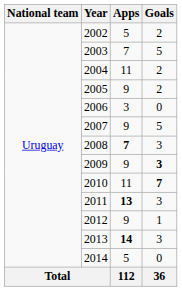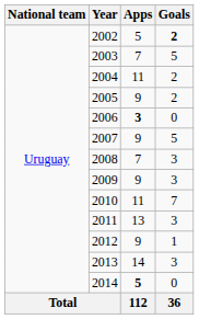 <table class=wikitable style=text-align:center>
 <tr>
 <th>National team</th>
 <th>Year</th>
 <th>Apps</th>
 <th>Goals</th>
 </tr>
 <tr>
 <td rowspan=13><a href='#'>Uruguay</a></td>
 <td>2002</td>
 <td>5</td>
-<td>2</td>
+<td><strong>2</strong></td>
 </tr>
 <tr>
 <td>2003</td>
 <td>7</td>
 <td>5</td>
 </tr>
 <tr>
 <td>2004</td>
 <td>11</td>
 <td>2</td>
 </tr>
 <tr>
 <td>2005</td>
 <td>9</td>
 <td>2</td>
 </tr>
 <tr>
 <td>2006</td>
-<td>3</td>
+<td><strong>3</strong></td>
 <td>0</td>
 </tr>
 <tr>
 <td>2007</td>
 <td>9</td>
 <td>5</td>
 </tr>
 <tr>
 <td>2008</td>
-<td><strong>7</strong></td>
+<td>7</td>
 <td>3</td>
 </tr>
 <tr>
 <td>2009</td>
 <td>9</td>
-<td><strong>3</strong></td>
+<td>3</td>
 </tr>
 <tr>
 <td>2010</td>
 <td>11</td>
-<td><strong>7</strong></td>
+<td>7</td>
 </tr>
 <tr>
 <td>2011</td>
-<td><strong>13</strong></td>
+<td>13</td>
 <td>3</td>
 </tr>
 <tr>
 <td>2012</td>
 <td>9</td>
 <td>1</td>
 </tr>
 <tr>
 <td>2013</td>
-<td><strong>14</strong></td>
+<td>14</td>
 <td>3</td>
 </tr>
 <tr>
 <td>2014</td>
-<td>5</td>
+<td><strong>5</strong></td>
 <td>0</td>
 </tr>
 <tr>
 <th colspan=2>Total</th>
 <th>112</th>
 <th>36</th>
 </tr>
 </table>
